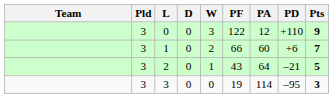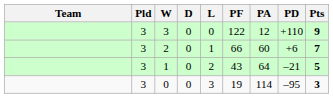 <table class="wikitable" style="text-align:center;">
 <tr>
 <th width=175>Team</th>
 <th width=25 abbr="Played">Pld</th>
+<th width=25 abbr="Won">W</th>
+<th width=25 abbr="Drawn">D</th>
 <th width=25 abbr="Lost">L</th>
-<th width=25 abbr="Drawn">D</th>
-<th width=25 abbr="Won">W</th>
 <th width=32 abbr="Points for">PF</th>
 <th width=32 abbr="Points against">PA</th>
 <th width=32 abbr="Points difference">PD</th>
 <th width=25 abbr="Points">Pts</th>
 </tr>
 <tr style="background:#ccffcc">
 <td align=left></td>
 <td>3</td>
+<td>3</td>
 <td>0</td>
 <td>0</td>
-<td>3</td>
 <td>122</td>
 <td>12</td>
 <td>+110</td>
 <td><strong>9</strong></td>
 </tr>
 <tr style="background:#ccffcc">
 <td align=left></td>
 <td>3</td>
+<td>2</td>
+<td>0</td>
 <td>1</td>
-<td>0</td>
-<td>2</td>
 <td>66</td>
 <td>60</td>
 <td>+6</td>
 <td><strong>7</strong></td>
 </tr>
 <tr style="background:#ccffcc">
 <td align=left></td>
 <td>3</td>
+<td>1</td>
+<td>0</td>
 <td>2</td>
-<td>0</td>
-<td>1</td>
 <td>43</td>
 <td>64</td>
 <td>–21</td>
 <td><strong>5</strong></td>
 </tr>
 <tr>
 <td align=left></td>
 <td>3</td>
-<td>3</td>
 <td>0</td>
 <td>0</td>
+<td>3</td>
 <td>19</td>
 <td>114</td>
 <td>–95</td>
 <td><strong>3</strong></td>
 </tr>
 </table>
